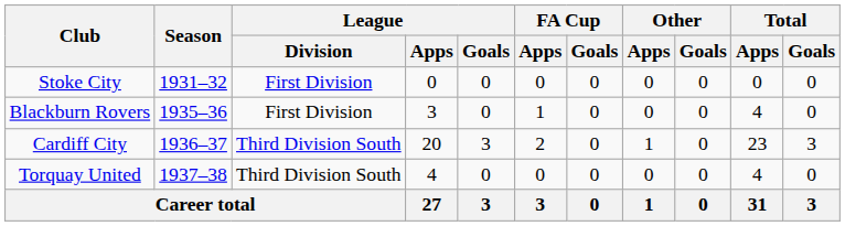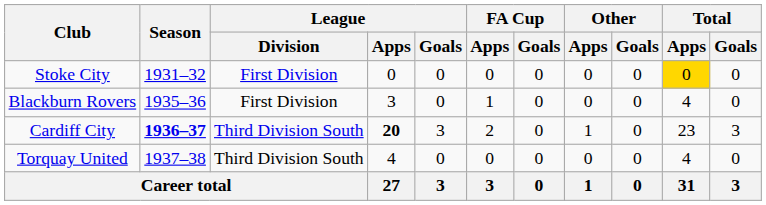 <table class="wikitable" style="text-align: center;">
 <tr>
 <th rowspan="2">Club</th>
 <th rowspan="2">Season</th>
 <th colspan="3">League</th>
 <th colspan="2">FA Cup</th>
 <th colspan="2">Other</th>
 <th colspan="2">Total</th>
 </tr>
 <tr>
 <th>Division</th>
 <th>Apps</th>
 <th>Goals</th>
 <th>Apps</th>
 <th>Goals</th>
 <th>Apps</th>
 <th>Goals</th>
 <th>Apps</th>
 <th>Goals</th>
 </tr>
 <tr>
 <td><a href='#'>Stoke City</a></td>
 <td><a href='#'>1931–32</a></td>
 <td><a href='#'>First Division</a></td>
 <td>0</td>
 <td>0</td>
 <td>0</td>
 <td>0</td>
 <td>0</td>
 <td>0</td>
-<td>0</td>
+<td style="background: gold;">0</td>
 <td>0</td>
 </tr>
 <tr>
 <td><a href='#'>Blackburn Rovers</a></td>
 <td><a href='#'>1935–36</a></td>
 <td>First Division</td>
 <td>3</td>
 <td>0</td>
 <td>1</td>
 <td>0</td>
 <td>0</td>
 <td>0</td>
 <td>4</td>
 <td>0</td>
 </tr>
 <tr>
 <td><a href='#'>Cardiff City</a></td>
-<td><a href='#'>1936–37</a></td>
+<td><strong><a href='#'>1936–37</a></strong></td>
 <td><a href='#'>Third Division South</a></td>
-<td>20</td>
+<td><strong>20</strong></td>
 <td>3</td>
 <td>2</td>
 <td>0</td>
 <td>1</td>
 <td>0</td>
 <td>23</td>
 <td>3</td>
 </tr>
 <tr>
 <td><a href='#'>Torquay United</a></td>
 <td><a href='#'>1937–38</a></td>
 <td>Third Division South</td>
 <td>4</td>
 <td>0</td>
 <td>0</td>
 <td>0</td>
 <td>0</td>
 <td>0</td>
 <td>4</td>
 <td>0</td>
 </tr>
 <tr>
 <th colspan="3">Career total</th>
 <th>27</th>
 <th>3</th>
 <th>3</th>
 <th>0</th>
 <th>1</th>
 <th>0</th>
 <th>31</th>
 <th>3</th>
 </tr>
 </table>
